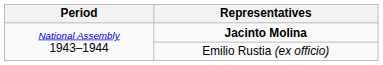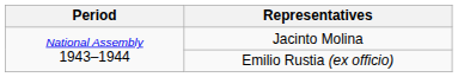 <table class="wikitable" style="text-align:center; width:40%;">
 <tr>
 <th width="40%">Period</th>
 <th>Representatives</th>
 </tr>
 <tr>
 <td rowspan="2"><small><a href='#'><em>National Assembly</em></a></small><br>1943–1944</td>
-<td><strong>Jacinto Molina</strong></td>
+<td>Jacinto Molina</td>
 </tr>
 <tr>
 <td>Emilio Rustia <em>(ex officio)</em></td>
 </tr>
 </table>
